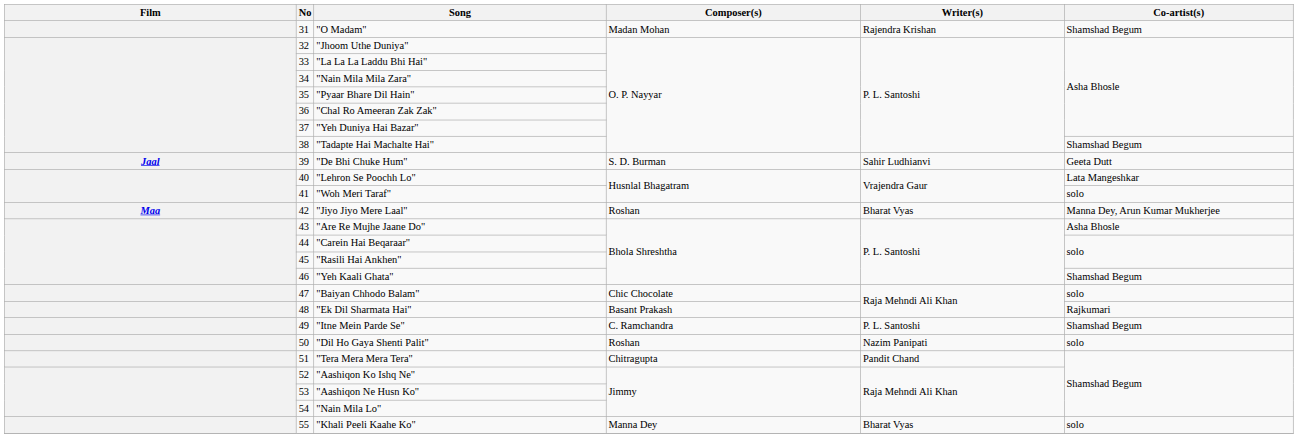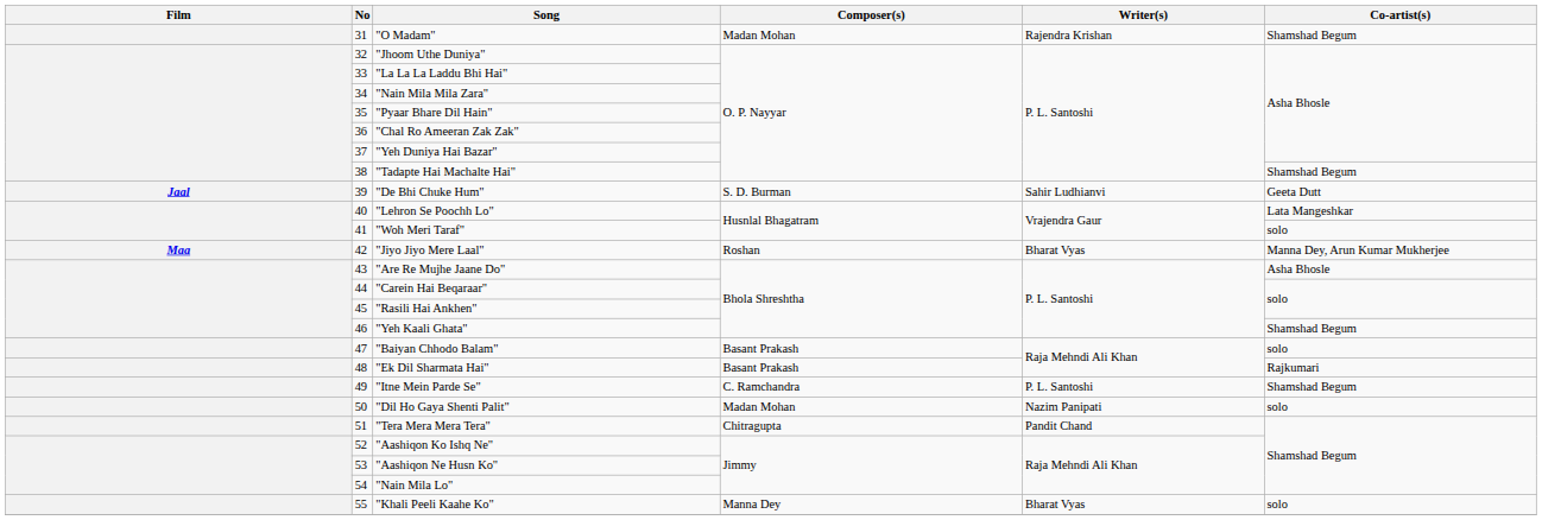 <table class="wikitable plainrowheaders" width="100%" textcolor:#000;">
 <tr style="background:#b0e0e66;">
 <th scope="col" width=23%><strong>Film</strong></th>
 <th><strong>No</strong></th>
 <th scope="col" width=23%><strong>Song</strong></th>
 <th scope="col" width=20%><strong>Composer(s)</strong></th>
 <th scope="col" width=16%><strong>Writer(s)</strong></th>
 <th scope="col" width=18%><strong>Co-artist(s)</strong></th>
 </tr>
 <tr>
 <th rowspan=1><em></em></th>
 <td>31</td>
 <td>"O Madam"</td>
 <td>Madan Mohan</td>
 <td>Rajendra Krishan</td>
 <td>Shamshad Begum</td>
 </tr>
 <tr>
 <th rowspan=7><strong></strong></th>
 <td>32</td>
 <td>"Jhoom Uthe Duniya"</td>
 <td rowspan=7>O. P. Nayyar</td>
 <td rowspan=7>P. L. Santoshi</td>
 <td rowspan=6>Asha Bhosle</td>
 </tr>
 <tr>
 <td>33</td>
 <td>"La La La Laddu Bhi Hai"</td>
 </tr>
 <tr>
 <td>34</td>
 <td>"Nain Mila Mila Zara"</td>
 </tr>
 <tr>
 <td>35</td>
 <td>"Pyaar Bhare Dil Hain"</td>
 </tr>
 <tr>
 <td>36</td>
 <td>"Chal Ro Ameeran Zak Zak"</td>
 </tr>
 <tr>
 <td>37</td>
 <td>"Yeh Duniya Hai Bazar"</td>
 </tr>
 <tr>
 <td>38</td>
 <td>"Tadapte Hai Machalte Hai"</td>
 <td>Shamshad Begum</td>
 </tr>
 <tr>
 <th><em><a href='#'>Jaal</a></em></th>
 <td>39</td>
 <td>"De Bhi Chuke Hum"</td>
 <td>S. D. Burman</td>
 <td>Sahir Ludhianvi</td>
 <td>Geeta Dutt</td>
 </tr>
 <tr>
 <th rowspan=2><em></em></th>
 <td>40</td>
 <td>"Lehron Se Poochh Lo"</td>
 <td rowspan=2>Husnlal Bhagatram</td>
 <td rowspan=2>Vrajendra Gaur</td>
 <td>Lata Mangeshkar</td>
 </tr>
 <tr>
 <td>41</td>
 <td>"Woh Meri Taraf"</td>
 <td>solo</td>
 </tr>
 <tr>
 <th><em><a href='#'>Maa</a></em></th>
 <td>42</td>
 <td>"Jiyo Jiyo Mere Laal"</td>
 <td>Roshan</td>
 <td>Bharat Vyas</td>
 <td>Manna Dey, Arun Kumar Mukherjee</td>
 </tr>
 <tr>
 <th rowspan=4><em></em></th>
 <td>43</td>
 <td>"Are Re Mujhe Jaane Do"</td>
 <td rowspan=4>Bhola Shreshtha</td>
 <td rowspan=4>P. L. Santoshi</td>
 <td>Asha Bhosle</td>
 </tr>
 <tr>
 <td>44</td>
 <td>"Carein Hai Beqaraar"</td>
 <td rowspan=2>solo</td>
 </tr>
 <tr>
 <td>45</td>
 <td>"Rasili Hai Ankhen"</td>
 </tr>
 <tr>
 <td>46</td>
 <td>"Yeh Kaali Ghata"</td>
 <td>Shamshad Begum</td>
 </tr>
 <tr>
 <th><em></em></th>
 <td>47</td>
 <td>"Baiyan Chhodo Balam"</td>
-<td>Chic Chocolate</td>
+<td>Basant Prakash</td>
 <td rowspan=2>Raja Mehndi Ali Khan</td>
 <td>solo</td>
 </tr>
 <tr>
 <th><em></em></th>
 <td>48</td>
 <td>"Ek Dil Sharmata Hai"</td>
 <td>Basant Prakash</td>
 <td>Rajkumari</td>
 </tr>
 <tr>
 <th><em></em></th>
 <td>49</td>
 <td>"Itne Mein Parde Se"</td>
 <td>C. Ramchandra</td>
 <td>P. L. Santoshi</td>
 <td>Shamshad Begum</td>
 </tr>
 <tr>
 <th><em></em></th>
 <td>50</td>
 <td>"Dil Ho Gaya Shenti Palit"</td>
-<td>Roshan</td>
+<td>Madan Mohan</td>
 <td>Nazim Panipati</td>
 <td>solo</td>
 </tr>
 <tr>
 <th><em></em></th>
 <td>51</td>
 <td>"Tera Mera Mera Tera"</td>
 <td>Chitragupta</td>
 <td>Pandit Chand</td>
 <td rowspan=4>Shamshad Begum</td>
 </tr>
 <tr>
 <th rowspan=3><em></em></th>
 <td>52</td>
 <td>"Aashiqon Ko Ishq Ne"</td>
 <td rowspan=3>Jimmy</td>
 <td rowspan=3>Raja Mehndi Ali Khan</td>
 </tr>
 <tr>
 <td>53</td>
 <td>"Aashiqon Ne Husn Ko"</td>
 </tr>
 <tr>
 <td>54</td>
 <td>"Nain Mila Lo"</td>
 </tr>
 <tr>
 <th><em></em></th>
 <td>55</td>
 <td>"Khali Peeli Kaahe Ko"</td>
 <td>Manna Dey</td>
 <td>Bharat Vyas</td>
 <td>solo</td>
 </tr>
 <tr>
 </tr>
 </table>
